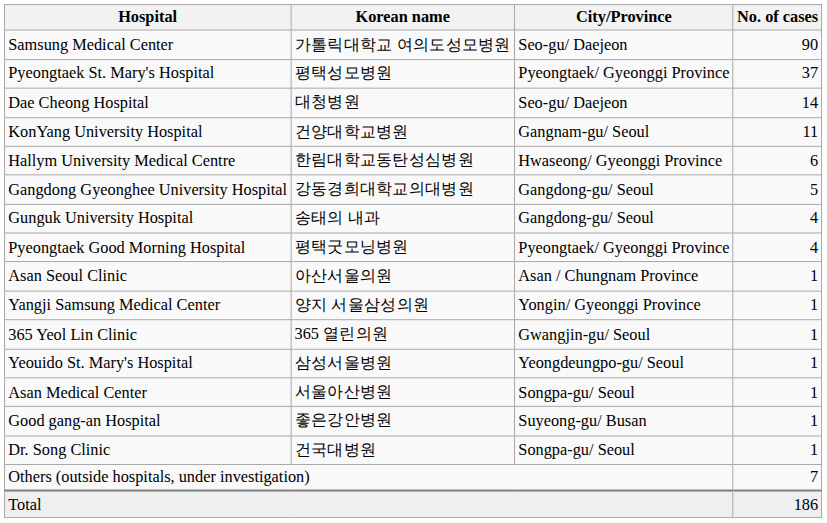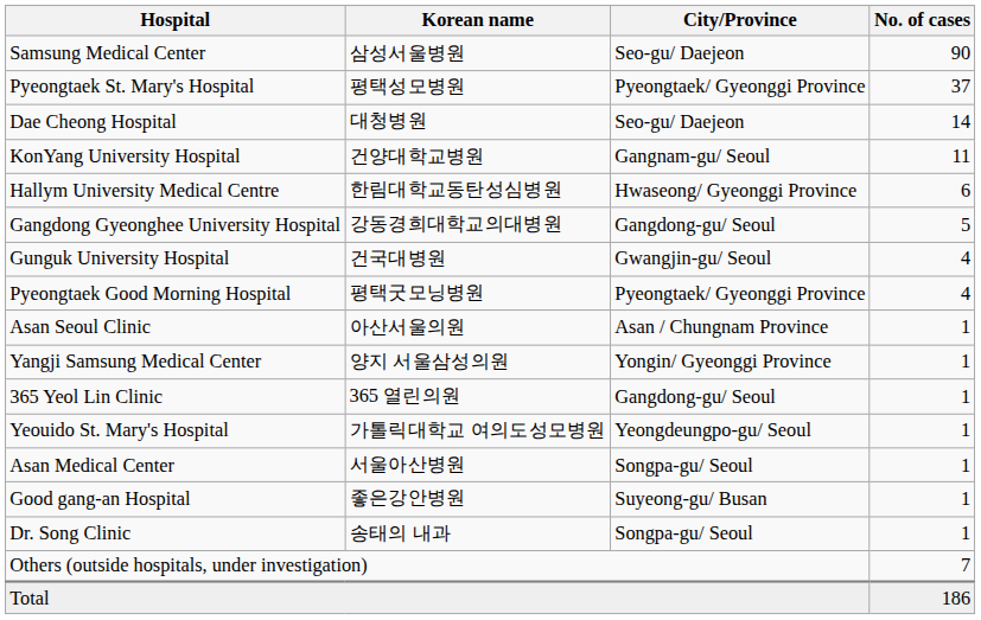 <table class="sortable wikitable">
 <tr style="background:#ececec;">
 </tr>
 <tr>
 <th>Hospital</th>
 <th>Korean name</th>
 <th>City/Province</th>
 <th>No. of cases</th>
 </tr>
 <tr>
 <td>Samsung Medical Center</td>
-<td>가톨릭대학교 여의도성모병원</td>
+<td>삼성서울병원</td>
 <td>Seo-gu/ Daejeon</td>
 <td style="text-align:right;">90</td>
 </tr>
 <tr>
 <td>Pyeongtaek St. Mary's Hospital</td>
 <td>평택성모병원</td>
 <td>Pyeongtaek/ Gyeonggi Province</td>
 <td style="text-align:right;">37</td>
 </tr>
 <tr>
 <td>Dae Cheong Hospital</td>
 <td>대청병원</td>
 <td>Seo-gu/ Daejeon</td>
 <td style="text-align:right;">14</td>
 </tr>
 <tr>
 <td>KonYang University Hospital</td>
 <td>건양대학교병원</td>
 <td>Gangnam-gu/ Seoul</td>
 <td style="text-align:right;">11</td>
 </tr>
 <tr>
 <td>Hallym University Medical Centre</td>
 <td>한림대학교동탄성심병원</td>
 <td>Hwaseong/ Gyeonggi Province</td>
 <td style="text-align:right;">6</td>
 </tr>
 <tr>
 <td>Gangdong Gyeonghee University Hospital</td>
 <td>강동경희대학교의대병원</td>
 <td>Gangdong-gu/ Seoul</td>
 <td style="text-align:right;">5</td>
 </tr>
 <tr>
 <td>Gunguk University Hospital</td>
-<td>송태의 내과</td>
-<td>Gangdong-gu/ Seoul</td>
+<td>건국대병원</td>
+<td>Gwangjin-gu/ Seoul</td>
 <td style="text-align:right;">4</td>
 </tr>
 <tr>
 <td>Pyeongtaek Good Morning Hospital</td>
 <td>평택굿모닝병원</td>
 <td>Pyeongtaek/ Gyeonggi Province</td>
 <td style="text-align:right;">4</td>
 </tr>
 <tr>
 <td>Asan Seoul Clinic</td>
 <td>아산서울의원</td>
 <td>Asan / Chungnam Province</td>
 <td style="text-align:right;">1</td>
 </tr>
 <tr>
 <td>Yangji Samsung Medical Center</td>
 <td>양지 서울삼성의원</td>
 <td>Yongin/ Gyeonggi Province</td>
 <td style="text-align:right;">1</td>
 </tr>
 <tr>
 <td>365 Yeol Lin Clinic</td>
 <td>365 열린의원</td>
-<td>Gwangjin-gu/ Seoul</td>
+<td>Gangdong-gu/ Seoul</td>
 <td style="text-align:right;">1</td>
 </tr>
 <tr>
 <td>Yeouido St. Mary's Hospital</td>
-<td>삼성서울병원</td>
+<td>가톨릭대학교 여의도성모병원</td>
 <td>Yeongdeungpo-gu/ Seoul</td>
 <td style="text-align:right;">1</td>
 </tr>
 <tr>
 <td>Asan Medical Center</td>
 <td>서울아산병원</td>
 <td>Songpa-gu/ Seoul</td>
 <td style="text-align:right;">1</td>
 </tr>
 <tr>
 <td>Good gang-an Hospital</td>
 <td>좋은강안병원</td>
 <td>Suyeong-gu/ Busan</td>
 <td style="text-align:right;">1</td>
 </tr>
 <tr>
 <td>Dr. Song Clinic</td>
-<td>건국대병원</td>
+<td>송태의 내과</td>
 <td>Songpa-gu/ Seoul</td>
 <td style="text-align:right;">1</td>
 </tr>
 <tr>
 <td colspan="3" style="border-bottom: 2px solid grey;">Others (outside hospitals, under investigation)</td>
 <td style="text-align:right;border-bottom: 2px solid grey;">7</td>
 </tr>
 <tr>
 <td colspan="3" style="background: #efefef;">Total</td>
 <td style="text-align:right; background: #efefef;">186</td>
 </tr>
 </table>
